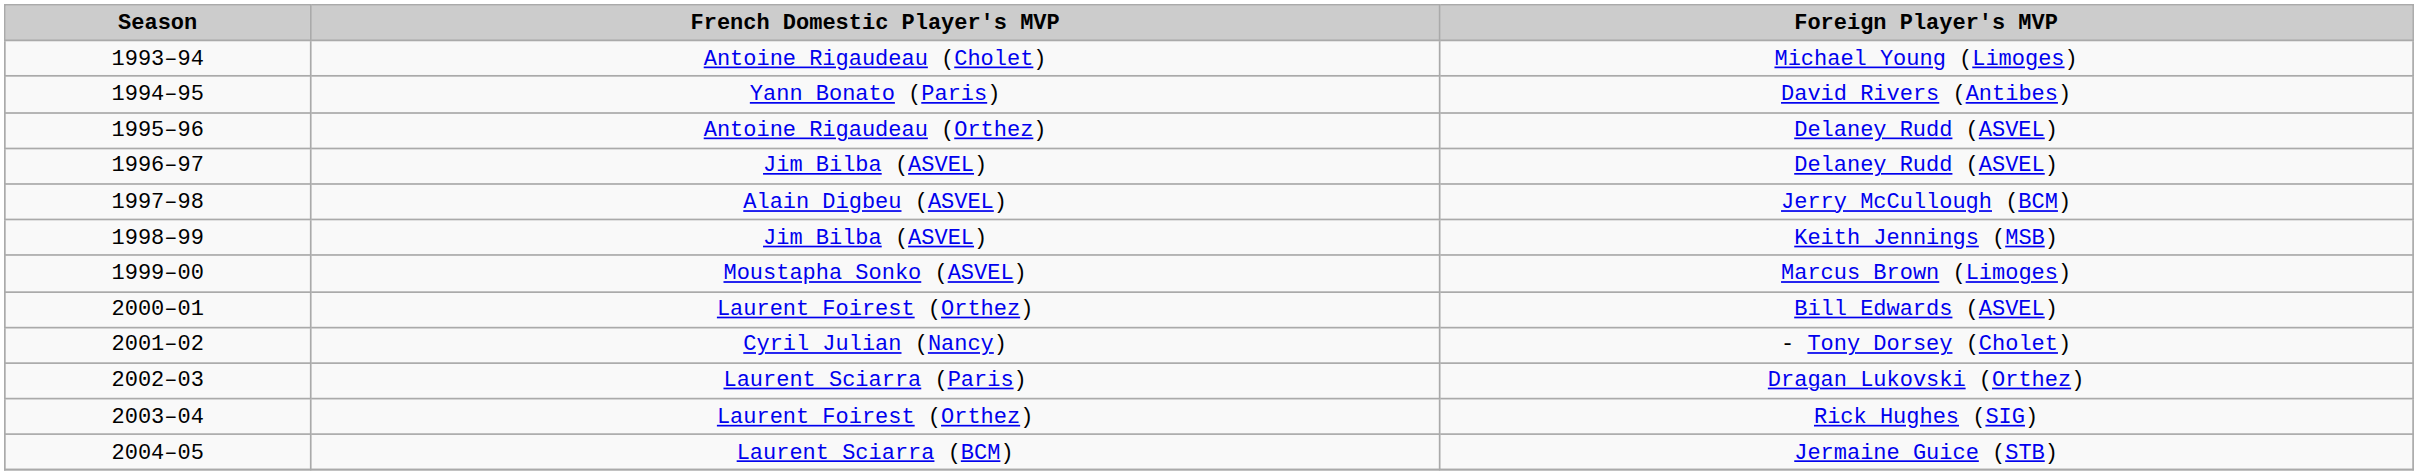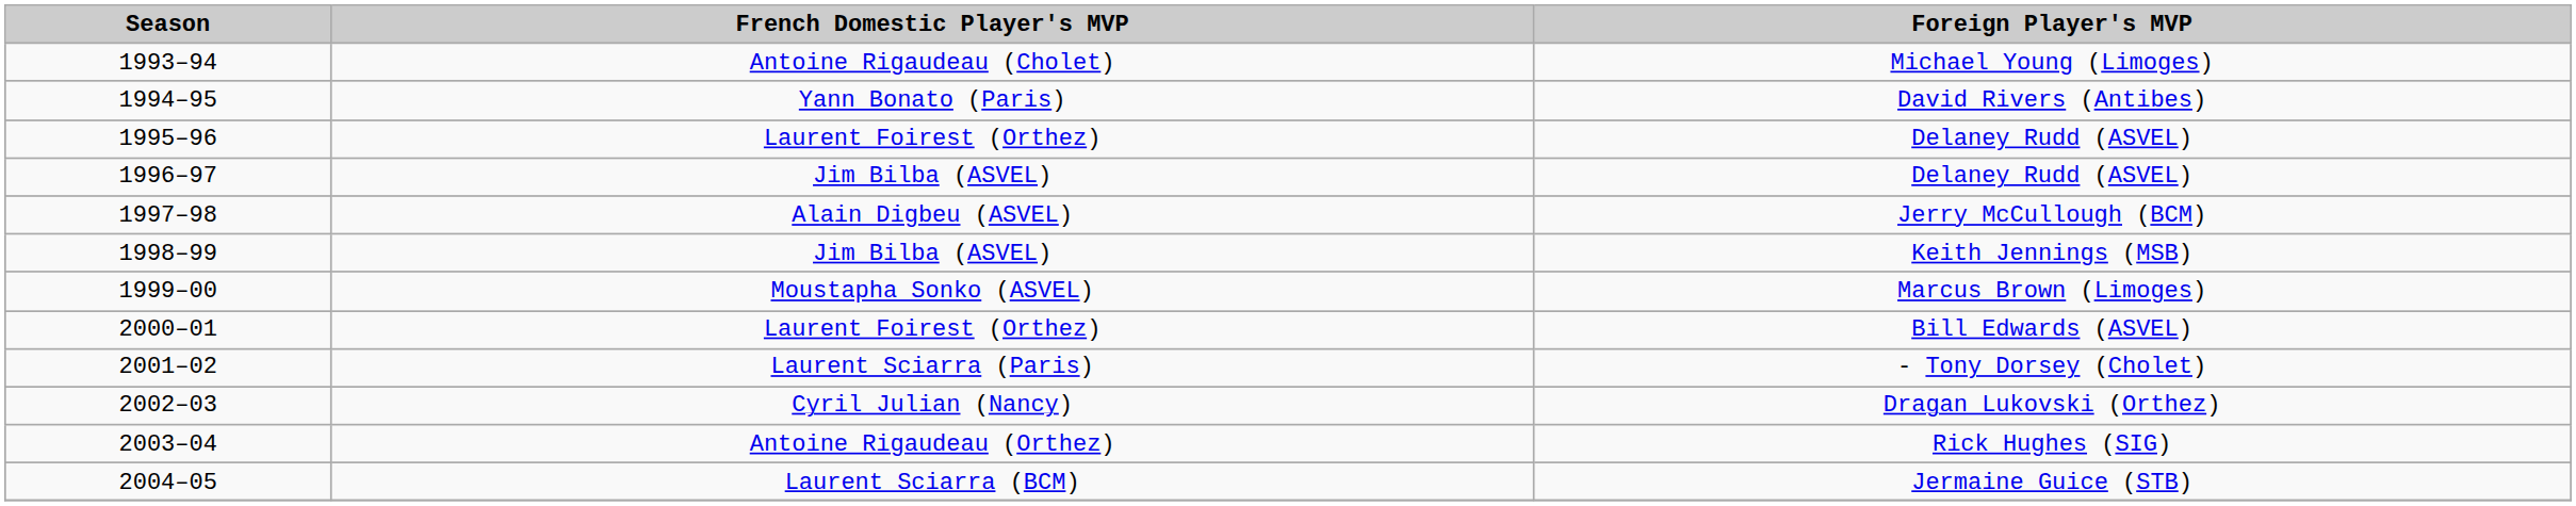 <table class="wikitable alternance centre" style="width:90%;text-align:center">
 <tr>
 <th scope="col" style="background:#CCCCCC">Season</th>
 <th scope="col" style="background:#CCCCCC"> French Domestic Player's MVP</th>
 <th scope="col" style="background:#CCCCCC">Foreign Player's MVP</th>
 </tr>
 <tr ---->
 <td>1993–94</td>
 <td align=center> <a href='#'>Antoine Rigaudeau</a> (<a href='#'>Cholet</a>)</td>
 <td style="text-align:center;"> <a href='#'>Michael Young</a> (<a href='#'>Limoges</a>)</td>
 </tr>
 <tr>
 <td>1994–95</td>
 <td align=center> <a href='#'>Yann Bonato</a> (<a href='#'>Paris</a>)</td>
 <td style="text-align:center;"> <a href='#'>David Rivers</a> (<a href='#'>Antibes</a>)</td>
 </tr>
 <tr ---->
 <td>1995–96</td>
-<td align=center> <a href='#'>Antoine Rigaudeau</a> (<a href='#'>Orthez</a>)</td>
+<td align=center> <a href='#'>Laurent Foirest</a> (<a href='#'>Orthez</a>)</td>
 <td style="text-align:center;"> <a href='#'>Delaney Rudd</a> (<a href='#'>ASVEL</a>)</td>
 </tr>
 <tr>
 <td>1996–97</td>
 <td align=center> <a href='#'>Jim Bilba</a> (<a href='#'>ASVEL</a>)</td>
 <td style="text-align:center;"> <a href='#'>Delaney Rudd</a> (<a href='#'>ASVEL</a>)</td>
 </tr>
 <tr ---->
 <td>1997–98</td>
 <td align=center> <a href='#'>Alain Digbeu</a> (<a href='#'>ASVEL</a>)</td>
 <td style="text-align:center;"> <a href='#'>Jerry McCullough</a> (<a href='#'>BCM</a>)</td>
 </tr>
 <tr>
 <td>1998–99</td>
 <td align=center> <a href='#'>Jim Bilba</a> (<a href='#'>ASVEL</a>)</td>
 <td style="text-align:center;"> <a href='#'>Keith Jennings</a> (<a href='#'>MSB</a>)</td>
 </tr>
 <tr ---->
 <td>1999–00</td>
 <td align=center> <a href='#'>Moustapha Sonko</a> (<a href='#'>ASVEL</a>)</td>
 <td style="text-align:center;"> <a href='#'>Marcus Brown</a> (<a href='#'>Limoges</a>)</td>
 </tr>
 <tr>
 <td>2000–01</td>
 <td align=center> <a href='#'>Laurent Foirest</a> (<a href='#'>Orthez</a>)</td>
 <td style="text-align:center;"> <a href='#'>Bill Edwards</a> (<a href='#'>ASVEL</a>)</td>
 </tr>
 <tr ---->
 <td>2001–02</td>
-<td align=center> <a href='#'>Cyril Julian</a> (<a href='#'>Nancy</a>)</td>
+<td align=center> <a href='#'>Laurent Sciarra</a> (<a href='#'>Paris</a>)</td>
 <td style="text-align:center;">- <a href='#'>Tony Dorsey</a> (<a href='#'>Cholet</a>)</td>
 </tr>
 <tr>
 <td>2002–03</td>
-<td align=center> <a href='#'>Laurent Sciarra</a> (<a href='#'>Paris</a>)</td>
+<td align=center> <a href='#'>Cyril Julian</a> (<a href='#'>Nancy</a>)</td>
 <td style="text-align:center;"> <a href='#'>Dragan Lukovski</a> (<a href='#'>Orthez</a>)</td>
 </tr>
 <tr ---->
 <td>2003–04</td>
-<td align=center> <a href='#'>Laurent Foirest</a> (<a href='#'>Orthez</a>)</td>
+<td align=center> <a href='#'>Antoine Rigaudeau</a> (<a href='#'>Orthez</a>)</td>
 <td style="text-align:center;"> <a href='#'>Rick Hughes</a> (<a href='#'>SIG</a>)</td>
 </tr>
 <tr>
 <td>2004–05</td>
 <td align=center> <a href='#'>Laurent Sciarra</a> (<a href='#'>BCM</a>)</td>
 <td style="text-align:center;"> <a href='#'>Jermaine Guice</a> (<a href='#'>STB</a>)</td>
 </tr>
 <tr ---->
 </tr>
 </table>
